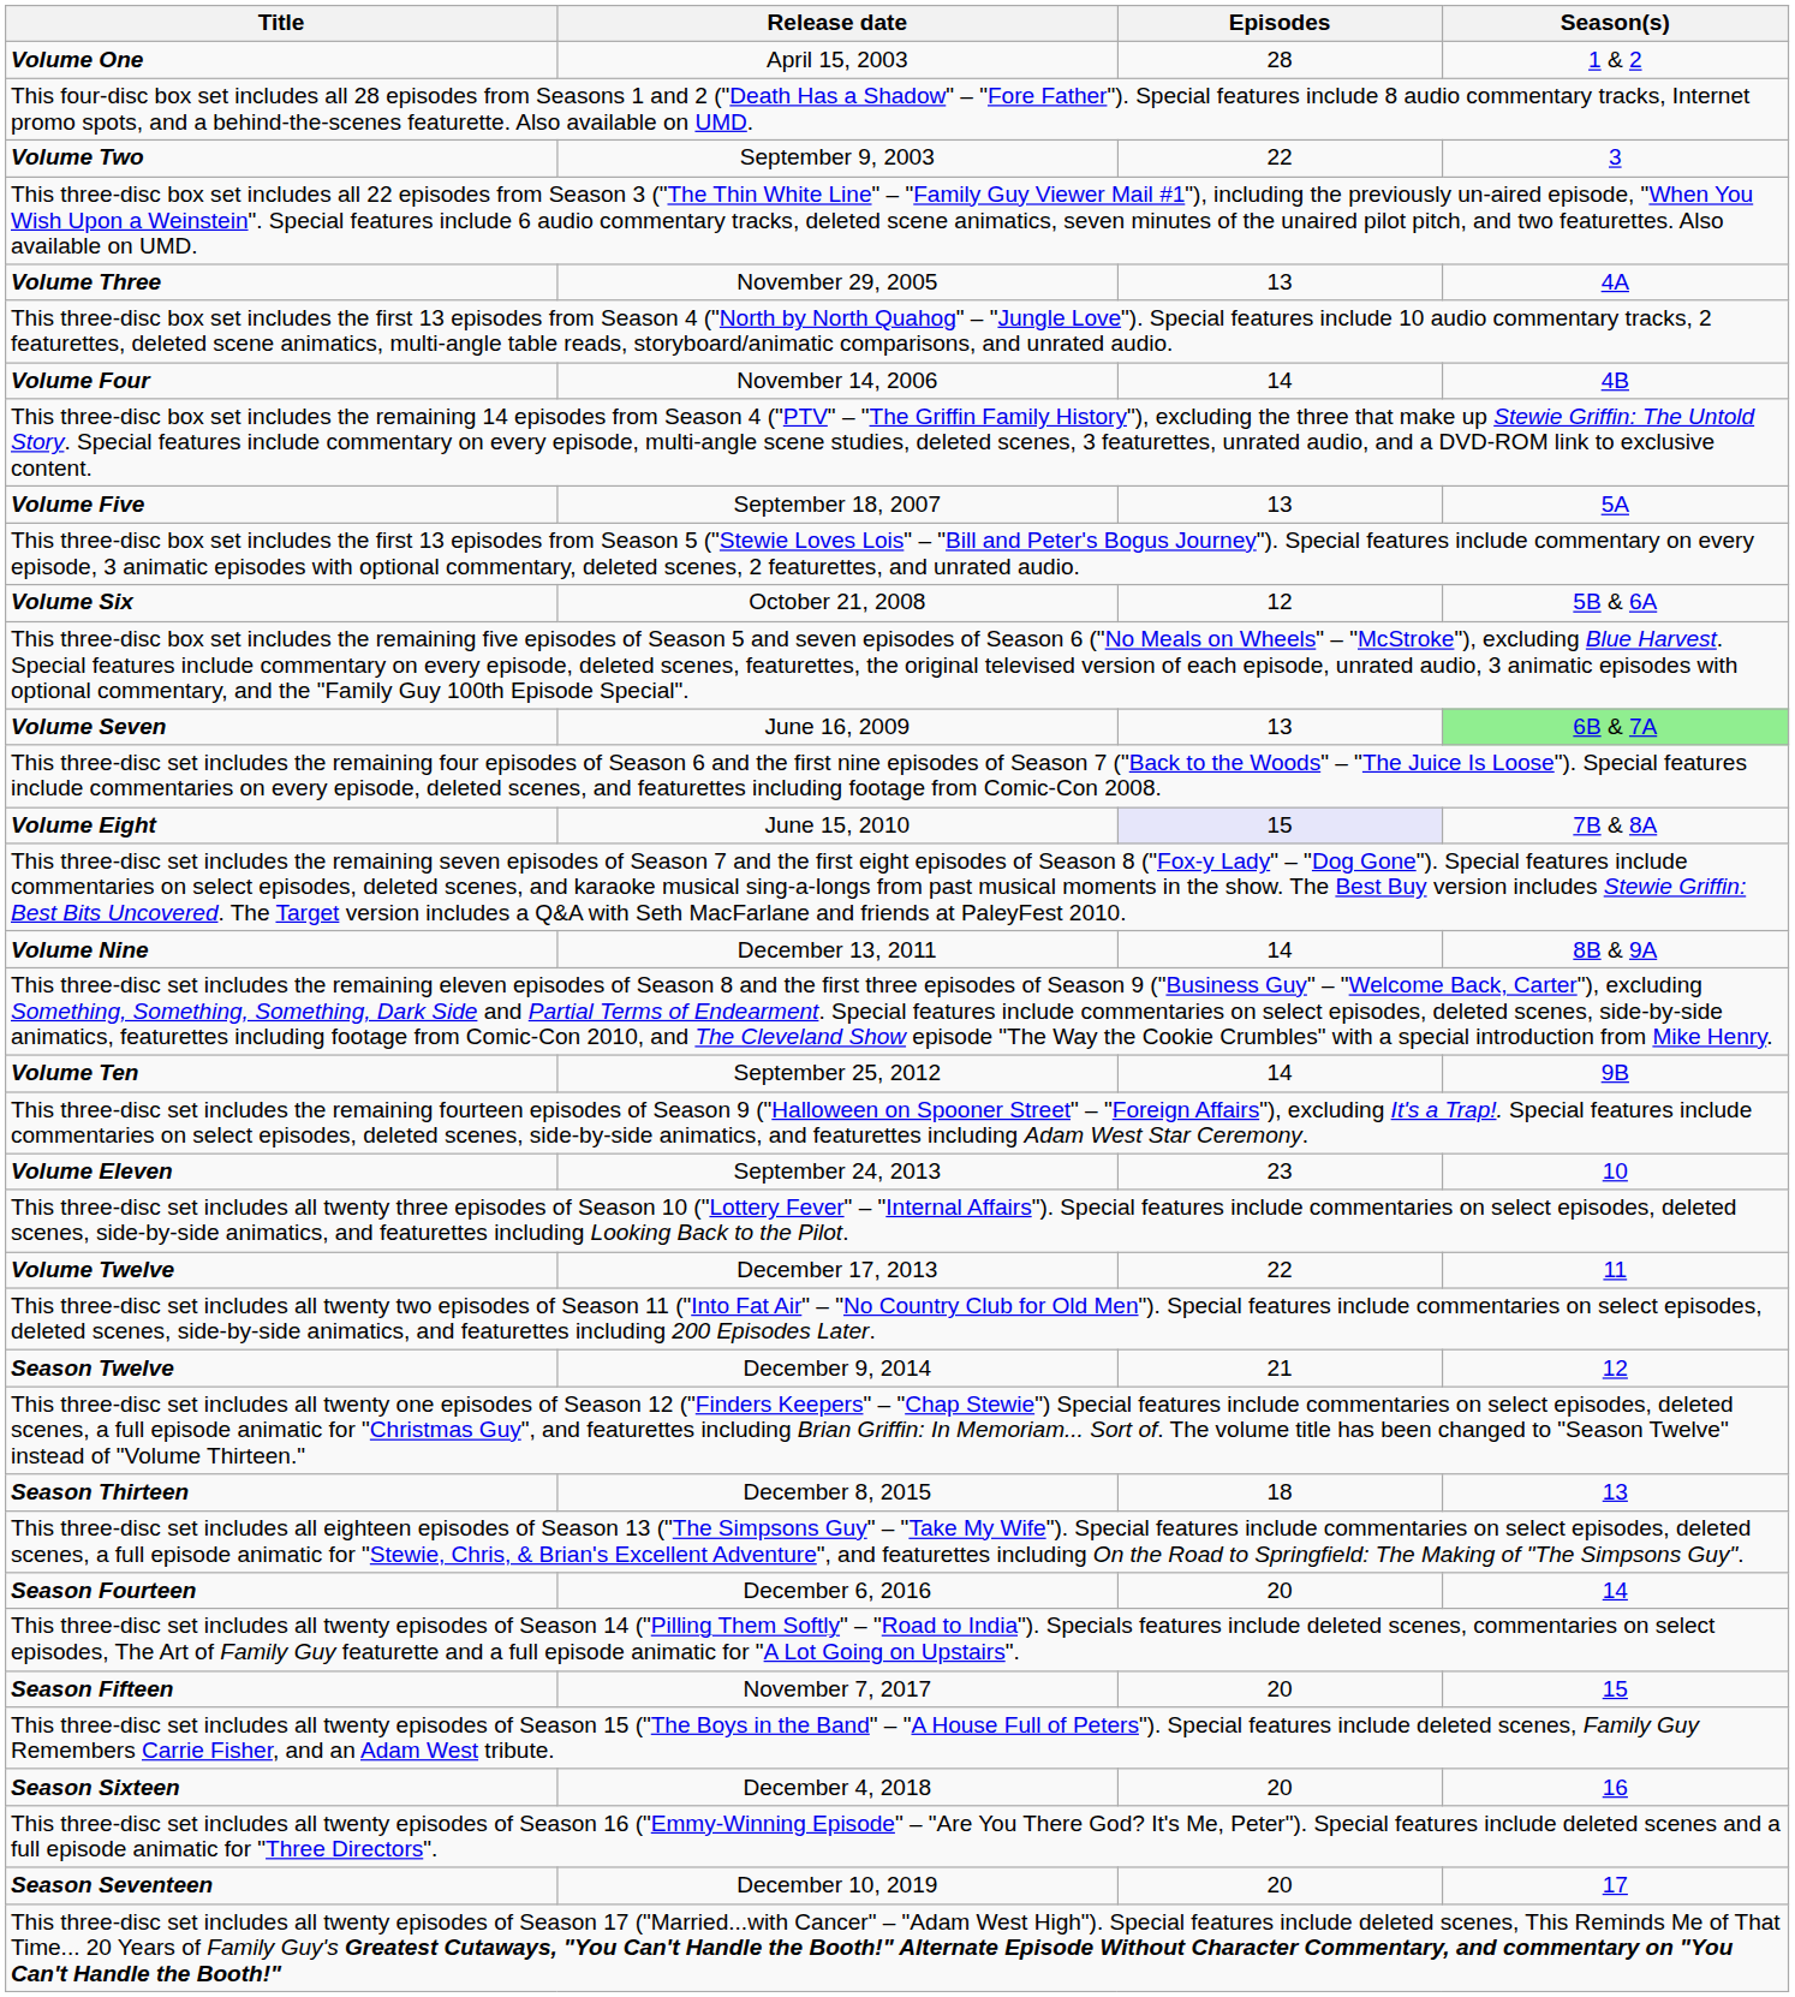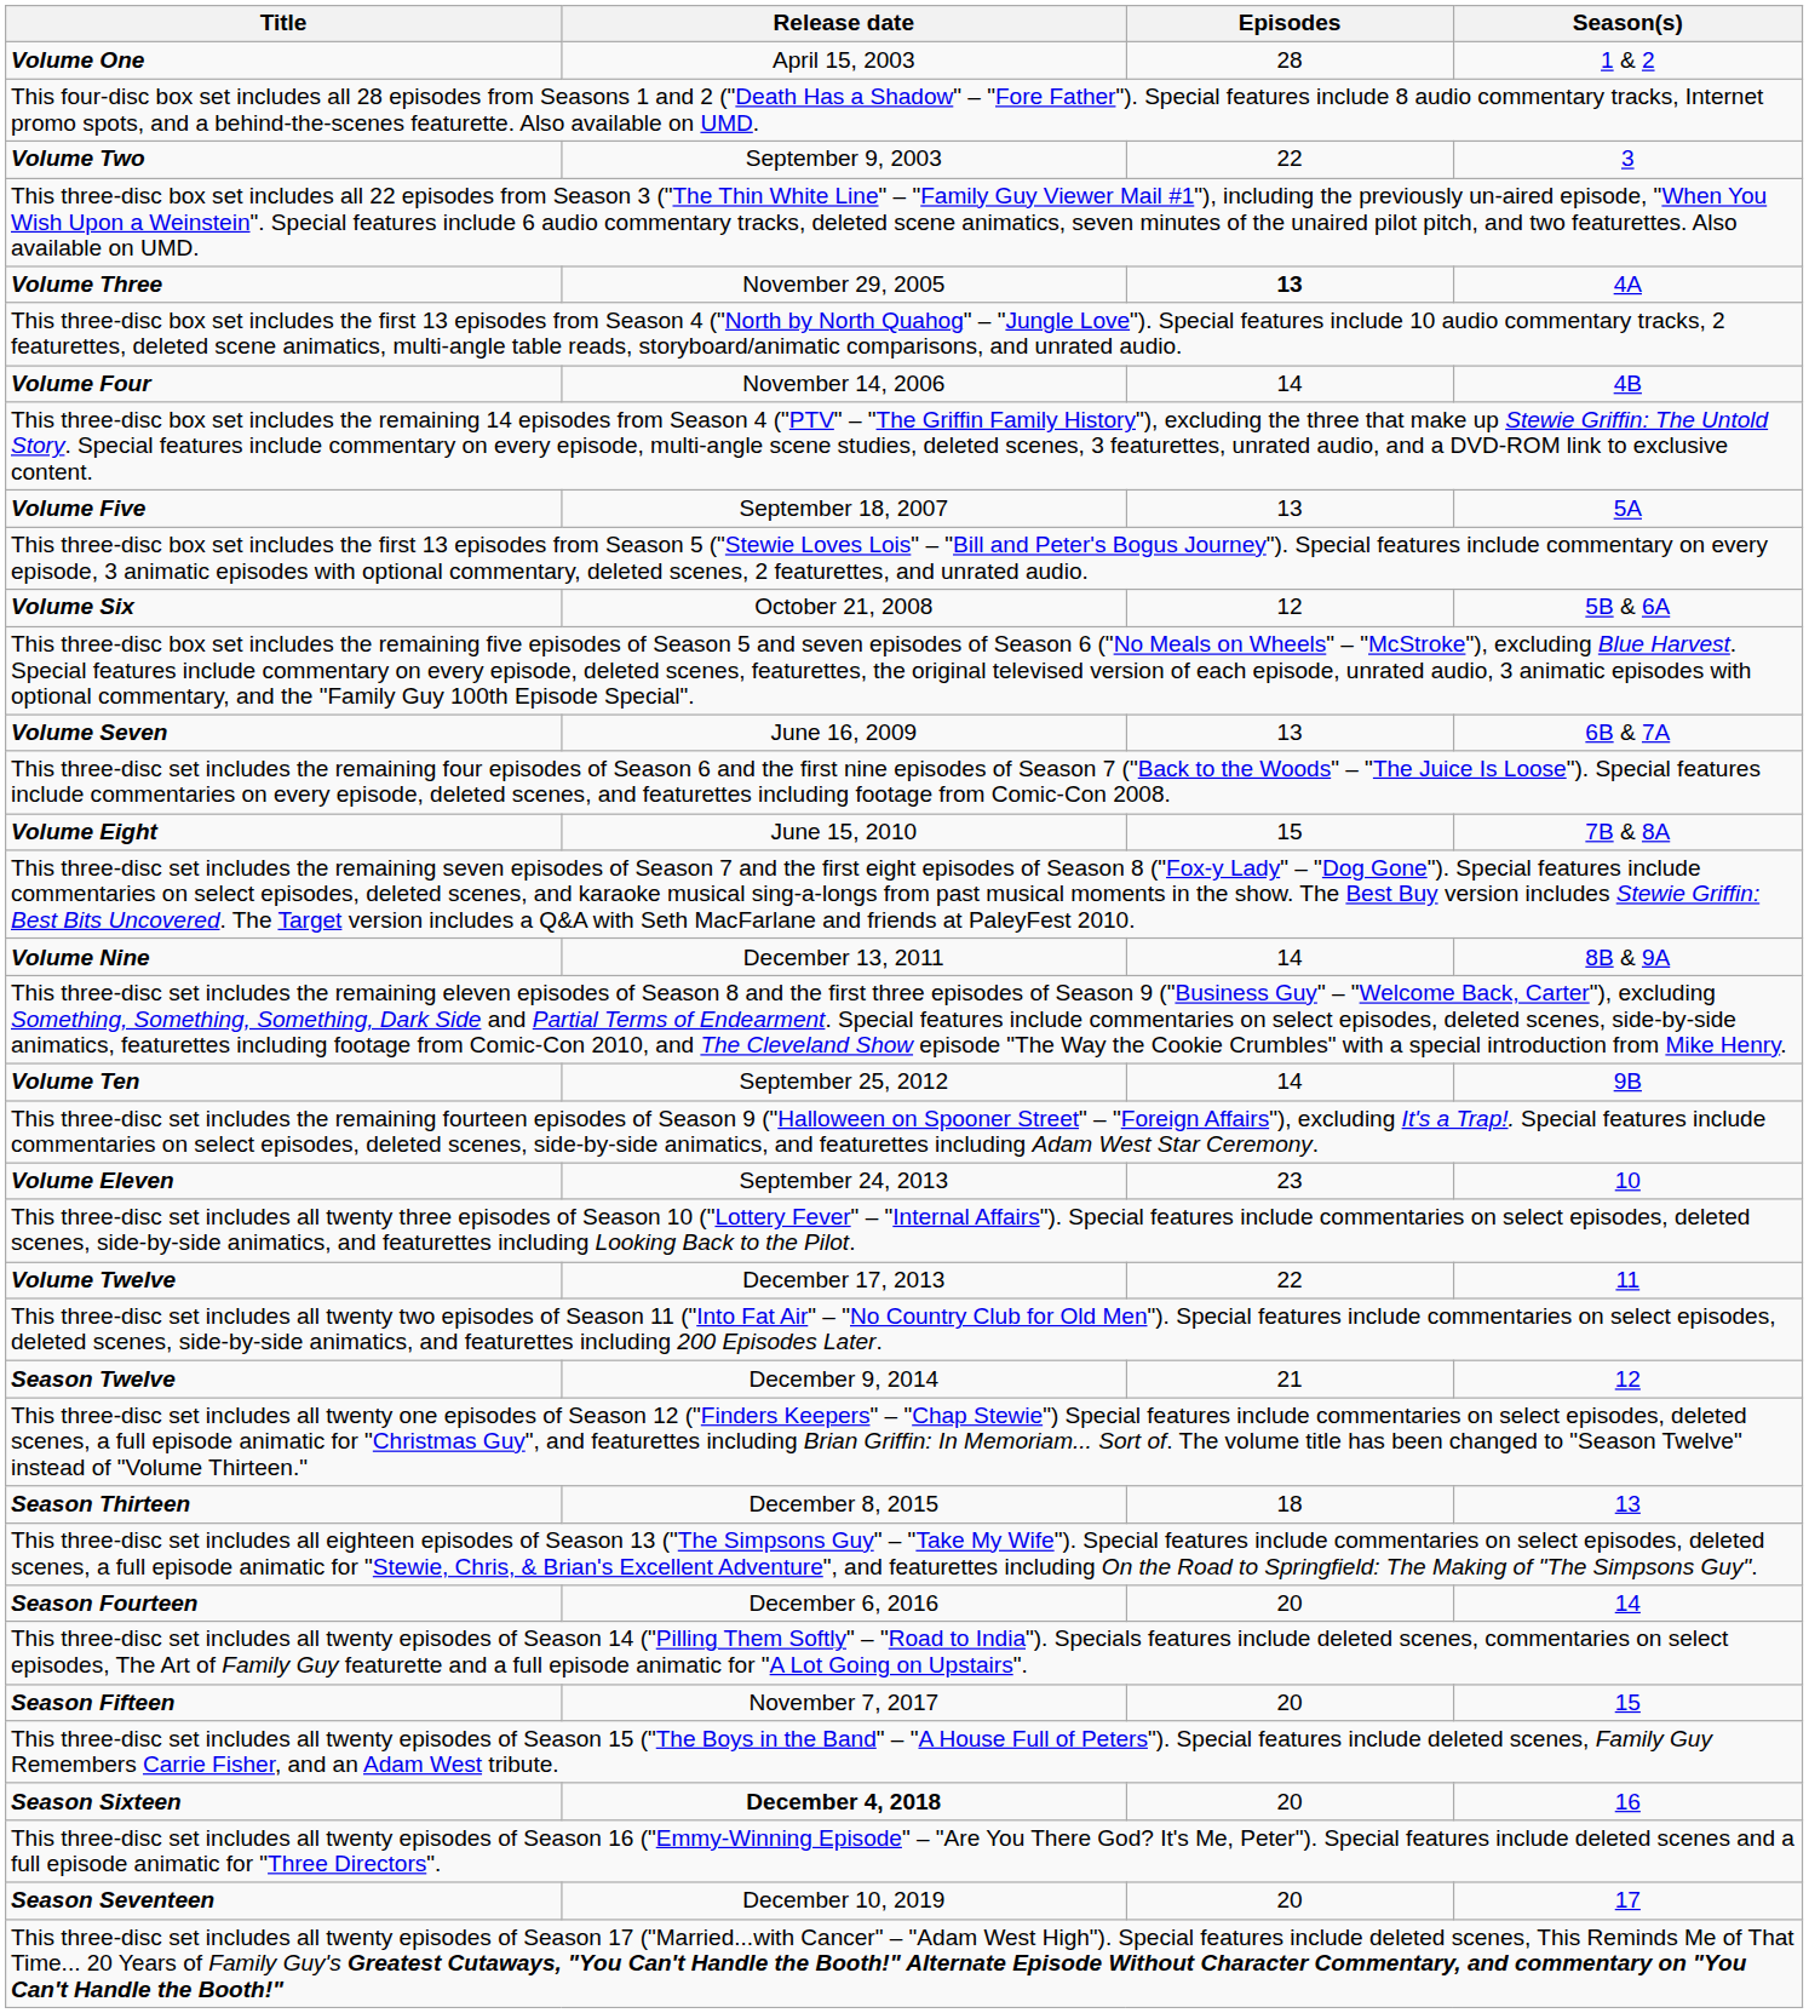 <table class="wikitable" style="text-align: center;">
 <tr>
 <th>Title</th>
 <th>Release date</th>
 <th>Episodes</th>
 <th>Season(s)</th>
 </tr>
 <tr>
 <td align=left><strong><em>Volume One</em></strong></td>
 <td>April 15, 2003</td>
 <td>28</td>
 <td><a href='#'>1</a> & <a href='#'>2</a></td>
 </tr>
 <tr>
 <td colspan="5" style="text-align:left;">This four-disc box set includes all 28 episodes from Seasons 1 and 2 ("<a href='#'>Death Has a Shadow</a>" – "<a href='#'>Fore Father</a>"). Special features include 8 audio commentary tracks, Internet promo spots, and a behind-the-scenes featurette. Also available on <a href='#'>UMD</a>.</td>
 </tr>
 <tr>
 <td align=left><strong><em>Volume Two</em></strong></td>
 <td>September 9, 2003</td>
 <td>22</td>
 <td><a href='#'>3</a></td>
 </tr>
 <tr>
 <td colspan="5" style="text-align:left;">This three-disc box set includes all 22 episodes from Season 3 ("<a href='#'>The Thin White Line</a>" – "<a href='#'>Family Guy Viewer Mail #1</a>"), including the previously un-aired episode, "<a href='#'>When You Wish Upon a Weinstein</a>". Special features include 6 audio commentary tracks, deleted scene animatics, seven minutes of the unaired pilot pitch, and two featurettes. Also available on UMD.</td>
 </tr>
 <tr>
 <td align=left><strong><em>Volume Three</em></strong></td>
 <td>November 29, 2005</td>
-<td>13</td>
+<td><strong>13</strong></td>
 <td><a href='#'>4A</a></td>
 </tr>
 <tr>
 <td colspan="5" style="text-align:left;">This three-disc box set includes the first 13 episodes from Season 4 ("<a href='#'>North by North Quahog</a>" – "<a href='#'>Jungle Love</a>"). Special features include 10 audio commentary tracks, 2 featurettes, deleted scene animatics, multi-angle table reads, storyboard/animatic comparisons, and unrated audio.</td>
 </tr>
 <tr>
 <td align=left><strong><em>Volume Four</em></strong></td>
 <td>November 14, 2006</td>
 <td>14</td>
 <td><a href='#'>4B</a></td>
 </tr>
 <tr>
 <td colspan="5" style="text-align:left;">This three-disc box set includes the remaining 14 episodes from Season 4 ("<a href='#'>PTV</a>" – "<a href='#'>The Griffin Family History</a>"), excluding the three that make up <em><a href='#'>Stewie Griffin: The Untold Story</a></em>. Special features include commentary on every episode, multi-angle scene studies, deleted scenes, 3 featurettes, unrated audio, and a DVD-ROM link to exclusive content.</td>
 </tr>
 <tr>
 <td align=left><strong><em>Volume Five</em></strong></td>
 <td>September 18, 2007</td>
 <td>13</td>
 <td><a href='#'>5A</a></td>
 </tr>
 <tr>
 <td colspan="5" style="text-align:left;">This three-disc box set includes the first 13 episodes from Season 5 ("<a href='#'>Stewie Loves Lois</a>" – "<a href='#'>Bill and Peter's Bogus Journey</a>"). Special features include commentary on every episode, 3 animatic episodes with optional commentary, deleted scenes, 2 featurettes, and unrated audio.</td>
 </tr>
 <tr>
 <td align=left><strong><em>Volume Six</em></strong></td>
 <td>October 21, 2008</td>
 <td>12</td>
 <td><a href='#'>5B</a> & <a href='#'>6A</a></td>
 </tr>
 <tr>
 <td colspan="5" style="text-align:left;">This three-disc box set includes the remaining five episodes of Season 5 and seven episodes of Season 6 ("<a href='#'>No Meals on Wheels</a>" – "<a href='#'>McStroke</a>"), excluding <em><a href='#'>Blue Harvest</a></em>. Special features include commentary on every episode, deleted scenes, featurettes, the original televised version of each episode, unrated audio, 3 animatic episodes with optional commentary, and the "Family Guy 100th Episode Special".</td>
 </tr>
 <tr>
 <td align=left><strong><em>Volume Seven</em></strong></td>
 <td>June 16, 2009</td>
 <td>13</td>
-<td style="background: lightgreen;"><a href='#'>6B</a> & <a href='#'>7A</a></td>
+<td><a href='#'>6B</a> & <a href='#'>7A</a></td>
 </tr>
 <tr>
 <td colspan="5" style="text-align:left;">This three-disc set includes the remaining four episodes of Season 6 and the first nine episodes of Season 7 ("<a href='#'>Back to the Woods</a>" – "<a href='#'>The Juice Is Loose</a>"). Special features include commentaries on every episode, deleted scenes, and featurettes including footage from Comic-Con 2008.</td>
 </tr>
 <tr>
 <td align=left><strong><em>Volume Eight</em></strong></td>
 <td>June 15, 2010</td>
-<td style="background: lavender;">15</td>
+<td>15</td>
 <td><a href='#'>7B</a> & <a href='#'>8A</a></td>
 </tr>
 <tr>
 <td colspan="5" style="text-align:left;">This three-disc set includes the remaining seven episodes of Season 7 and the first eight episodes of Season 8 ("<a href='#'>Fox-y Lady</a>" – "<a href='#'>Dog Gone</a>"). Special features include commentaries on select episodes, deleted scenes, and karaoke musical sing-a-longs from past musical moments in the show. The <a href='#'>Best Buy</a> version includes <em><a href='#'>Stewie Griffin: Best Bits Uncovered</a></em>. The <a href='#'>Target</a> version includes a Q&A with Seth MacFarlane and friends at PaleyFest 2010.</td>
 </tr>
 <tr>
 <td align=left><strong><em>Volume Nine</em></strong></td>
 <td>December 13, 2011</td>
 <td>14</td>
 <td><a href='#'>8B</a> & <a href='#'>9A</a></td>
 </tr>
 <tr>
 <td colspan="5" style="text-align:left;">This three-disc set includes the remaining eleven episodes of Season 8 and the first three episodes of Season 9 ("<a href='#'>Business Guy</a>" – "<a href='#'>Welcome Back, Carter</a>"), excluding <em><a href='#'>Something, Something, Something, Dark Side</a></em> and <em><a href='#'>Partial Terms of Endearment</a></em>. Special features include commentaries on select episodes, deleted scenes, side-by-side animatics, featurettes including footage from Comic-Con 2010, and <em><a href='#'>The Cleveland Show</a></em> episode "The Way the Cookie Crumbles" with a special introduction from <a href='#'>Mike Henry</a>.</td>
 </tr>
 <tr>
 <td align=left><strong><em>Volume Ten</em></strong></td>
 <td>September 25, 2012</td>
 <td>14</td>
 <td><a href='#'>9B</a></td>
 </tr>
 <tr>
 <td colspan="5" style="text-align:left;">This three-disc set includes the remaining fourteen episodes of Season 9 ("<a href='#'>Halloween on Spooner Street</a>" – "<a href='#'>Foreign Affairs</a>"), excluding <em><a href='#'>It's a Trap!</a>.</em> Special features include commentaries on select episodes, deleted scenes, side-by-side animatics, and featurettes including <em>Adam West Star Ceremony</em>.</td>
 </tr>
 <tr>
 <td align=left><strong><em>Volume Eleven</em></strong></td>
 <td>September 24, 2013</td>
 <td>23</td>
 <td><a href='#'>10</a></td>
 </tr>
 <tr>
 <td colspan="5" style="text-align:left;">This three-disc set includes all twenty three episodes of Season 10 ("<a href='#'>Lottery Fever</a>"  –  "<a href='#'>Internal Affairs</a>"). Special features include commentaries on select episodes, deleted scenes, side-by-side animatics, and featurettes including <em>Looking Back to the Pilot</em>.</td>
 </tr>
 <tr>
 <td align=left><strong><em>Volume Twelve</em></strong></td>
 <td>December 17, 2013</td>
 <td>22</td>
 <td><a href='#'>11</a></td>
 </tr>
 <tr>
 <td colspan="5" style="text-align:left;">This three-disc set includes all twenty two episodes of Season 11 ("<a href='#'>Into Fat Air</a>" – "<a href='#'>No Country Club for Old Men</a>"). Special features include commentaries on select episodes, deleted scenes, side-by-side animatics, and featurettes including <em>200 Episodes Later</em>.</td>
 </tr>
 <tr>
 <td align=left><strong><em>Season Twelve</em></strong></td>
 <td>December 9, 2014</td>
 <td>21</td>
 <td><a href='#'>12</a></td>
 </tr>
 <tr>
 <td colspan="5" style="text-align:left;">This three-disc set includes all twenty one episodes of Season 12 ("<a href='#'>Finders Keepers</a>" – "<a href='#'>Chap Stewie</a>") Special features include commentaries on select episodes, deleted scenes, a full episode animatic for "<a href='#'>Christmas Guy</a>", and featurettes including <em>Brian Griffin: In Memoriam... Sort of</em>. The volume title has been changed to "Season Twelve" instead of "Volume Thirteen."</td>
 </tr>
 <tr>
 <td align=left><strong><em>Season Thirteen</em></strong></td>
 <td>December 8, 2015</td>
 <td>18</td>
 <td><a href='#'>13</a></td>
 </tr>
 <tr>
 <td colspan="5" style="text-align:left;">This three-disc set includes all eighteen episodes of Season 13 ("<a href='#'>The Simpsons Guy</a>" – "<a href='#'>Take My Wife</a>"). Special features include commentaries on select episodes, deleted scenes, a full episode animatic for "<a href='#'>Stewie, Chris, & Brian's Excellent Adventure</a>", and featurettes including <em>On the Road to Springfield: The Making of "The Simpsons Guy"</em>.</td>
 </tr>
 <tr>
 <td align=left><strong><em>Season Fourteen</em></strong></td>
 <td>December 6, 2016</td>
 <td>20</td>
 <td><a href='#'>14</a></td>
 </tr>
 <tr>
 <td colspan="5" style="text-align:left;">This three-disc set includes all twenty episodes of Season 14 ("<a href='#'>Pilling Them Softly</a>" – "<a href='#'>Road to India</a>"). Specials features include deleted scenes, commentaries on select episodes, The Art of <em>Family Guy</em> featurette and a full episode animatic for "<a href='#'>A Lot Going on Upstairs</a>".</td>
 </tr>
 <tr>
 <td align=left><strong><em>Season Fifteen</em></strong></td>
 <td>November 7, 2017</td>
 <td>20</td>
 <td><a href='#'>15</a></td>
 </tr>
 <tr>
 <td colspan="5" style="text-align:left;">This three-disc set includes all twenty episodes of Season 15 ("<a href='#'>The Boys in the Band</a>" – "<a href='#'>A House Full of Peters</a>"). Special features include deleted scenes, <em>Family Guy</em> Remembers <a href='#'>Carrie Fisher</a>, and an <a href='#'>Adam West</a> tribute.</td>
 </tr>
 <tr>
 <td align=left><strong><em>Season Sixteen</em></strong></td>
-<td>December 4, 2018</td>
+<td><strong>December 4, 2018</strong></td>
 <td>20</td>
 <td><a href='#'>16</a></td>
 </tr>
 <tr>
 <td colspan="5" style="text-align:left;">This three-disc set includes all twenty episodes of Season 16 ("<a href='#'>Emmy-Winning Episode</a>" – "Are You There God? It's Me, Peter"). Special features include deleted scenes and a full episode animatic for "<a href='#'>Three Directors</a>".</td>
 </tr>
 <tr>
 <td align=left><strong><em>Season Seventeen</em></strong></td>
 <td>December 10, 2019</td>
 <td>20</td>
 <td><a href='#'>17</a></td>
 </tr>
 <tr>
 <td colspan="5" style="text-align:left;">This three-disc set includes all twenty episodes of Season 17 ("Married...with Cancer" – "Adam West High"). Special features include deleted scenes, This Reminds Me of That Time... 20 Years of <em>Family Guy's<strong> Greatest Cutaways, "You Can't Handle the Booth!" Alternate Episode Without Character Commentary, and commentary on "You Can't Handle the Booth!"</td>
 </tr>
 </table>
